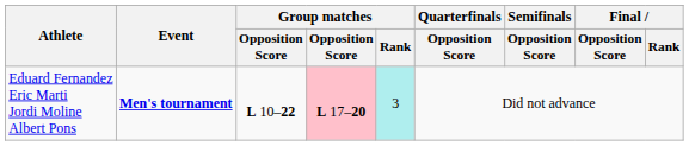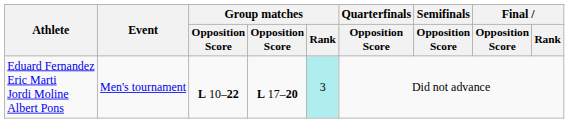 <table class=wikitable style="font-size:90%">
 <tr>
 <th rowspan="2">Athlete</th>
 <th rowspan="2">Event</th>
 <th colspan="3">Group matches</th>
 <th>Quarterfinals</th>
 <th>Semifinals</th>
 <th colspan=2>Final / </th>
 </tr>
 <tr style="font-size:95%">
 <th>Opposition<br>Score</th>
 <th>Opposition<br>Score</th>
 <th>Rank</th>
 <th>Opposition<br>Score</th>
 <th>Opposition<br>Score</th>
 <th>Opposition<br>Score</th>
 <th>Rank</th>
 </tr>
 <tr align=center>
 <td align=left><a href='#'>Eduard Fernandez</a><br><a href='#'>Eric Marti</a><br><a href='#'>Jordi Moline</a><br><a href='#'>Albert Pons</a></td>
-<td align=left><strong><a href='#'>Men's tournament</a></strong></td>
+<td align=left><a href='#'>Men's tournament</a></td>
 <td><br><strong>L</strong> 10–<strong>22</strong></td>
-<td style="background: pink;"><br><strong>L</strong> 17–<strong>20</strong></td>
+<td><br><strong>L</strong> 17–<strong>20</strong></td>
 <td style="background: paleturquoise;">3</td>
 <td colspan="4">Did not advance</td>
 </tr>
 </table>
